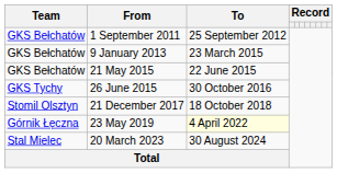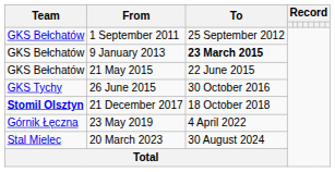 <table class="wikitable" style="text-align: center;">
 <tr>
 <th rowspan="2">Team</th>
 <th rowspan="2">From</th>
 <th rowspan="2">To</th>
 <th colspan="8">Record</th>
 </tr>
 <tr>
 <th></th>
 <th></th>
 <th></th>
 <th></th>
 <th></th>
 <th></th>
 <th></th>
 <th></th>
 </tr>
 <tr>
 <td align=left><a href='#'>GKS Bełchatów</a></td>
 <td align=left>1 September 2011</td>
 <td align=left>25 September 2012<br></td>
 </tr>
 <tr>
 <td align=left>GKS Bełchatów</td>
 <td align=left>9 January 2013</td>
-<td align=left>23 March 2015<br></td>
+<td align=left><strong>23 March 2015<br></strong></td>
 </tr>
 <tr>
 <td align=left>GKS Bełchatów</td>
 <td align=left>21 May 2015</td>
 <td align=left>22 June 2015<br></td>
 </tr>
 <tr>
 <td align=left><a href='#'>GKS Tychy</a></td>
 <td align=left>26 June 2015</td>
 <td align=left>30 October 2016<br></td>
 </tr>
 <tr>
-<td align=left><a href='#'>Stomil Olsztyn</a></td>
+<td align=left><strong><a href='#'>Stomil Olsztyn</a></strong></td>
 <td align=left>21 December 2017</td>
 <td align=left>18 October 2018<br></td>
 </tr>
 <tr>
 <td align=left><a href='#'>Górnik Łęczna</a></td>
 <td align=left>23 May 2019</td>
-<td align=left style="background: lightyellow;">4 April 2022<br></td>
+<td align=left>4 April 2022<br></td>
 </tr>
 <tr>
 <td align=left><a href='#'>Stal Mielec</a></td>
 <td align=left>20 March 2023</td>
 <td align=left>30 August 2024<br></td>
 </tr>
 <tr>
 <th colspan="3">Total<br></th>
 </tr>
 </table>
